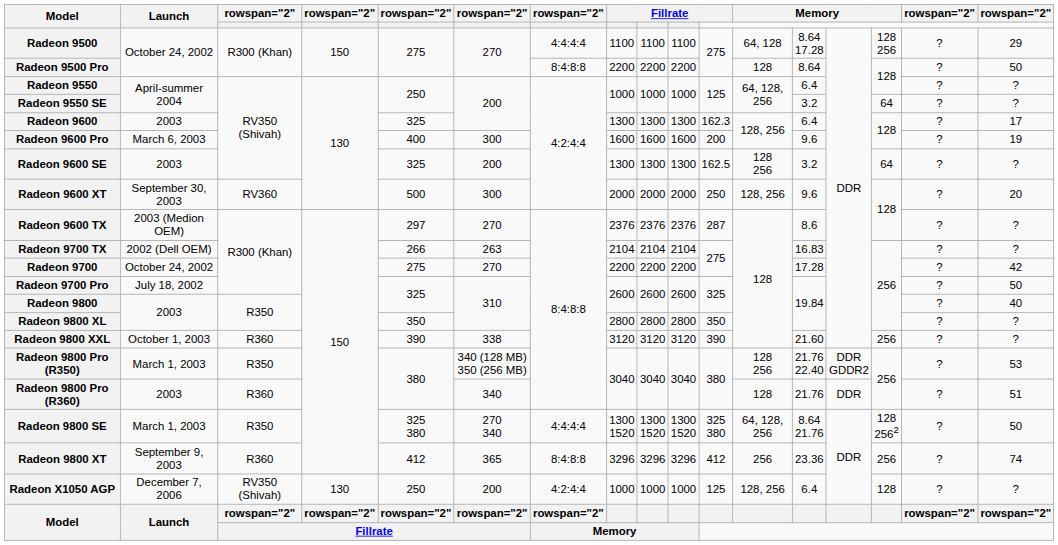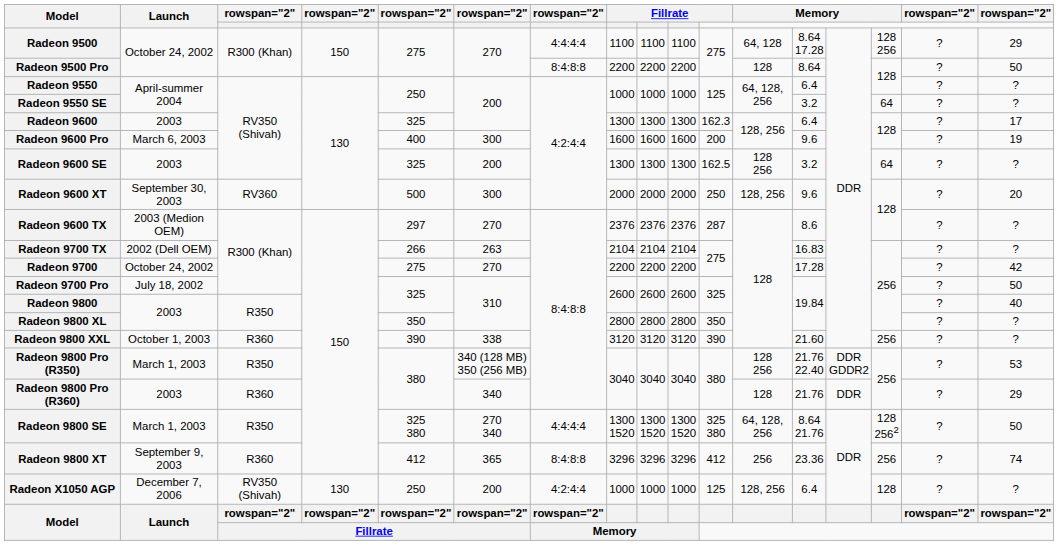 <table class="mw-datatable wikitable sortable" style="font-size:85%; text-align:center;">
 <tr>
 <th rowspan="2">Model</th>
 <th rowspan="2">Launch</th>
 <th>rowspan="2" </th>
 <th>rowspan="2" </th>
 <th>rowspan="2" </th>
 <th>rowspan="2" </th>
 <th>rowspan="2" </th>
 <th colspan="4"><a href='#'>Fillrate</a></th>
 <th colspan="4">Memory</th>
 <th>rowspan="2" </th>
 <th>rowspan="2" </th>
 </tr>
 <tr>
 <th></th>
 <th></th>
 <th></th>
 <th></th>
 <th></th>
 <th></th>
 <th></th>
 <th></th>
 </tr>
 <tr>
 <th>Radeon 9500</th>
 <td rowspan="2">October 24, 2002</td>
 <td rowspan="2">R300 (Khan)</td>
 <td rowspan="2">150</td>
 <td rowspan="2">275</td>
 <td rowspan="2">270</td>
 <td>4:4:4:4</td>
 <td>1100</td>
 <td>1100</td>
 <td>1100</td>
 <td rowspan="2">275</td>
 <td>64, 128</td>
 <td>8.64<br>17.28</td>
 <td rowspan="15">DDR</td>
 <td>128<br>256</td>
 <td>?</td>
 <td>29</td>
 </tr>
 <tr>
 <th>Radeon 9500 Pro</th>
 <td>8:4:8:8</td>
 <td>2200</td>
 <td>2200</td>
 <td>2200</td>
 <td>128</td>
 <td>8.64</td>
 <td rowspan="2">128</td>
 <td>?</td>
 <td>50</td>
 </tr>
 <tr>
 <th>Radeon 9550</th>
 <td rowspan="2">April-summer 2004</td>
 <td rowspan="5">RV350 (Shivah)</td>
 <td rowspan="6">130</td>
 <td rowspan="2">250</td>
 <td rowspan="3">200</td>
 <td rowspan="6">4:2:4:4</td>
 <td rowspan="2">1000</td>
 <td rowspan="2">1000</td>
 <td rowspan="2">1000</td>
 <td rowspan="2">125</td>
 <td rowspan="2">64, 128, 256</td>
 <td>6.4</td>
 <td>?</td>
 <td>?</td>
 </tr>
 <tr>
 <th>Radeon 9550 SE</th>
 <td>3.2</td>
 <td>64</td>
 <td>?</td>
 <td>?</td>
 </tr>
 <tr>
 <th>Radeon 9600</th>
 <td>2003</td>
 <td>325</td>
 <td>1300</td>
 <td>1300</td>
 <td>1300</td>
 <td>162.3</td>
 <td rowspan="2">128, 256</td>
 <td>6.4</td>
 <td rowspan="2">128</td>
 <td>?</td>
 <td>17</td>
 </tr>
 <tr>
 <th>Radeon 9600 Pro</th>
 <td>March 6, 2003</td>
 <td>400</td>
 <td>300</td>
 <td>1600</td>
 <td>1600</td>
 <td>1600</td>
 <td>200</td>
 <td>9.6</td>
 <td>?</td>
 <td>19</td>
 </tr>
 <tr>
 <th>Radeon 9600 SE</th>
 <td>2003</td>
 <td>325</td>
 <td>200</td>
 <td>1300</td>
 <td>1300</td>
 <td>1300</td>
 <td>162.5</td>
 <td>128<br>256</td>
 <td>3.2</td>
 <td>64</td>
 <td>?</td>
 <td>?</td>
 </tr>
 <tr>
 <th>Radeon 9600 XT</th>
 <td>September 30, 2003</td>
 <td>RV360</td>
 <td>500</td>
 <td>300</td>
 <td>2000</td>
 <td>2000</td>
 <td>2000</td>
 <td>250</td>
 <td>128, 256</td>
 <td>9.6</td>
 <td rowspan="2">128</td>
 <td>?</td>
 <td>20</td>
 </tr>
 <tr>
 <th>Radeon 9600 TX</th>
 <td>2003 (Medion OEM)</td>
 <td rowspan="4">R300 (Khan)</td>
 <td rowspan="11">150</td>
 <td>297</td>
 <td>270</td>
 <td rowspan="9">8:4:8:8</td>
 <td>2376</td>
 <td>2376</td>
 <td>2376</td>
 <td>287</td>
 <td rowspan="7">128</td>
 <td>8.6</td>
 <td>?</td>
 <td>?</td>
 </tr>
 <tr>
 <th>Radeon 9700 TX</th>
 <td>2002 (Dell OEM)</td>
 <td>266</td>
 <td>263</td>
 <td>2104</td>
 <td>2104</td>
 <td>2104</td>
 <td rowspan="2">275</td>
 <td>16.83</td>
 <td rowspan="5">256</td>
 <td>?</td>
 <td>?</td>
 </tr>
 <tr>
 <th>Radeon 9700</th>
 <td>October 24, 2002</td>
 <td>275</td>
 <td>270</td>
 <td>2200</td>
 <td>2200</td>
 <td>2200</td>
 <td>17.28</td>
 <td>?</td>
 <td>42</td>
 </tr>
 <tr>
 <th>Radeon 9700 Pro</th>
 <td>July 18, 2002</td>
 <td rowspan="2">325</td>
 <td rowspan="3">310</td>
 <td rowspan="2">2600</td>
 <td rowspan="2">2600</td>
 <td rowspan="2">2600</td>
 <td rowspan="2">325</td>
 <td rowspan="3">19.84</td>
 <td>?</td>
 <td>50</td>
 </tr>
 <tr>
 <th>Radeon 9800</th>
 <td rowspan="2">2003</td>
 <td rowspan="2">R350</td>
 <td>?</td>
 <td>40</td>
 </tr>
 <tr>
 <th>Radeon 9800 XL</th>
 <td>350</td>
 <td>2800</td>
 <td>2800</td>
 <td>2800</td>
 <td>350</td>
 <td>?</td>
 <td>?</td>
 </tr>
 <tr>
 <th>Radeon 9800 XXL</th>
 <td>October 1, 2003</td>
 <td>R360</td>
 <td>390</td>
 <td>338</td>
 <td>3120</td>
 <td>3120</td>
 <td>3120</td>
 <td>390</td>
 <td>21.60</td>
 <td>256</td>
 <td>?</td>
 <td>?</td>
 </tr>
 <tr>
 <th>Radeon 9800 Pro (R350)</th>
 <td>March 1, 2003</td>
 <td>R350</td>
 <td rowspan="2">380</td>
 <td>340 (128 MB)<br>350 (256 MB)</td>
 <td rowspan="2">3040</td>
 <td rowspan="2">3040</td>
 <td rowspan="2">3040</td>
 <td rowspan="2">380</td>
 <td>128<br>256</td>
 <td>21.76<br>22.40</td>
 <td>DDR<br>GDDR2</td>
 <td rowspan="2">256</td>
 <td>?</td>
 <td>53</td>
 </tr>
 <tr>
 <th>Radeon 9800 Pro (R360)</th>
 <td>2003</td>
 <td>R360</td>
 <td>340</td>
 <td>128</td>
 <td>21.76</td>
 <td>DDR</td>
 <td>?</td>
-<td>51</td>
+<td>29</td>
 </tr>
 <tr>
 <th>Radeon 9800 SE</th>
 <td>March 1, 2003</td>
 <td>R350</td>
 <td>325<br>380</td>
 <td>270<br>340</td>
 <td>4:4:4:4</td>
 <td>1300<br>1520</td>
 <td>1300<br>1520</td>
 <td>1300<br>1520</td>
 <td>325<br>380</td>
 <td>64, 128, 256</td>
 <td>8.64<br>21.76</td>
 <td rowspan="3">DDR</td>
 <td>128<br>256<sup>2</sup></td>
 <td>?</td>
 <td>50</td>
 </tr>
 <tr>
 <th>Radeon 9800 XT</th>
 <td>September 9, 2003</td>
 <td>R360</td>
 <td>412</td>
 <td>365</td>
 <td>8:4:8:8</td>
 <td>3296</td>
 <td>3296</td>
 <td>3296</td>
 <td>412</td>
 <td>256</td>
 <td>23.36</td>
 <td>256</td>
 <td>?</td>
 <td>74</td>
 </tr>
 <tr>
 <th>Radeon X1050 AGP</th>
 <td>December 7, 2006</td>
 <td>RV350 (Shivah)</td>
 <td>130</td>
 <td>250</td>
 <td>200</td>
 <td>4:2:4:4</td>
 <td>1000</td>
 <td>1000</td>
 <td>1000</td>
 <td>125</td>
 <td>128, 256</td>
 <td>6.4</td>
 <td>128</td>
 <td>?</td>
 <td>?</td>
 </tr>
 <tr>
 <th rowspan="2">Model</th>
 <th rowspan="2">Launch</th>
 <th>rowspan="2" </th>
 <th>rowspan="2" </th>
 <th>rowspan="2" </th>
 <th>rowspan="2" </th>
 <th>rowspan="2" </th>
 <th></th>
 <th></th>
 <th></th>
 <th></th>
 <th></th>
 <th></th>
 <th></th>
 <th></th>
 <th>rowspan="2" </th>
 <th>rowspan="2" </th>
 </tr>
 <tr>
 <th colspan="4"><a href='#'>Fillrate</a></th>
 <th colspan="4">Memory</th>
 </tr>
 </table>
